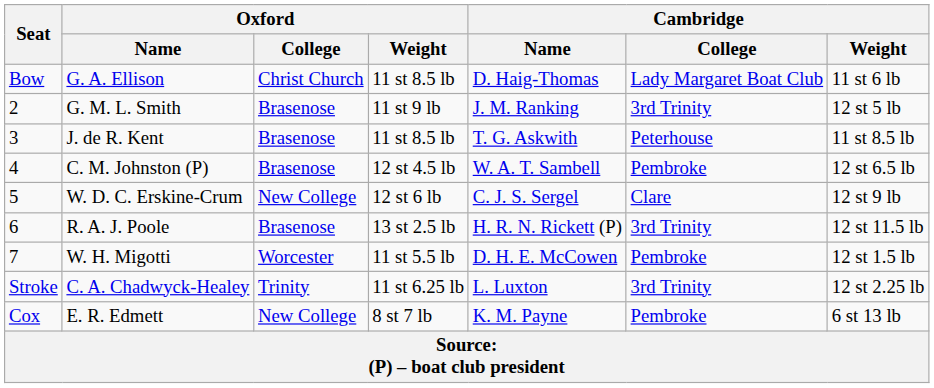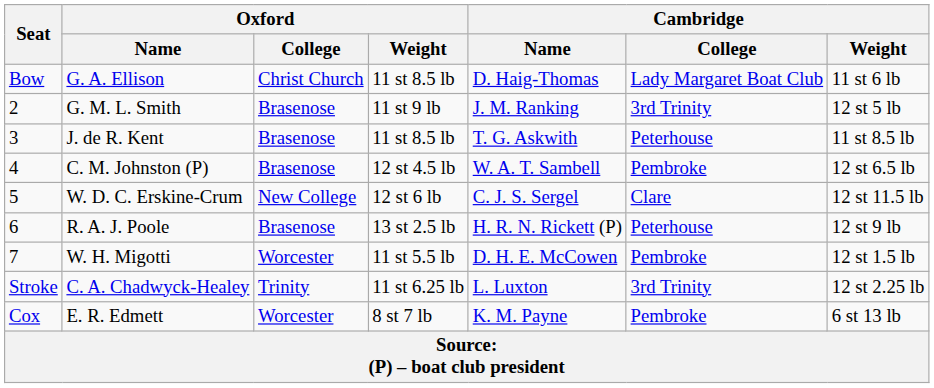 <table class="wikitable">
 <tr>
 <th rowspan="2" scope="col">Seat</th>
 <th colspan="3" scope="col">Oxford <br> </th>
 <th colspan="3" scope="col">Cambridge <br> </th>
 </tr>
 <tr>
 <th>Name</th>
 <th>College</th>
 <th>Weight</th>
 <th>Name</th>
 <th>College</th>
 <th>Weight</th>
 </tr>
 <tr>
 <td><a href='#'>Bow</a></td>
 <td><a href='#'>G. A. Ellison</a></td>
 <td><a href='#'>Christ Church</a></td>
 <td>11 st 8.5 lb</td>
 <td><a href='#'>D. Haig-Thomas</a></td>
 <td><a href='#'>Lady Margaret Boat Club</a></td>
 <td>11 st 6 lb</td>
 </tr>
 <tr>
 <td>2</td>
 <td>G. M. L. Smith</td>
 <td><a href='#'>Brasenose</a></td>
 <td>11 st 9 lb</td>
 <td><a href='#'>J. M. Ranking</a></td>
 <td><a href='#'>3rd Trinity</a></td>
 <td>12 st 5 lb</td>
 </tr>
 <tr>
 <td>3</td>
 <td>J. de R. Kent</td>
 <td><a href='#'>Brasenose</a></td>
 <td>11 st 8.5 lb</td>
 <td><a href='#'>T. G. Askwith</a></td>
 <td><a href='#'>Peterhouse</a></td>
 <td>11 st 8.5 lb</td>
 </tr>
 <tr>
 <td>4</td>
 <td>C. M. Johnston (P)</td>
 <td><a href='#'>Brasenose</a></td>
 <td>12 st 4.5 lb</td>
 <td><a href='#'>W. A. T. Sambell</a></td>
 <td><a href='#'>Pembroke</a></td>
 <td>12 st 6.5 lb</td>
 </tr>
 <tr>
 <td>5</td>
 <td>W. D. C. Erskine-Crum</td>
 <td><a href='#'>New College</a></td>
 <td>12 st 6 lb</td>
 <td><a href='#'>C. J. S. Sergel</a></td>
 <td><a href='#'>Clare</a></td>
-<td>12 st 9 lb</td>
+<td>12 st 11.5 lb</td>
 </tr>
 <tr>
 <td>6</td>
 <td>R. A. J. Poole</td>
 <td><a href='#'>Brasenose</a></td>
 <td>13 st 2.5 lb</td>
 <td><a href='#'>H. R. N. Rickett</a> (P)</td>
-<td><a href='#'>3rd Trinity</a></td>
-<td>12 st 11.5 lb</td>
+<td><a href='#'>Peterhouse</a></td>
+<td>12 st 9 lb</td>
 </tr>
 <tr>
 <td>7</td>
 <td>W. H. Migotti</td>
 <td><a href='#'>Worcester</a></td>
 <td>11 st 5.5 lb</td>
 <td><a href='#'>D. H. E. McCowen</a></td>
 <td><a href='#'>Pembroke</a></td>
 <td>12 st 1.5 lb</td>
 </tr>
 <tr>
 <td><a href='#'>Stroke</a></td>
 <td><a href='#'>C. A. Chadwyck-Healey</a></td>
 <td><a href='#'>Trinity</a></td>
 <td>11 st 6.25 lb</td>
 <td><a href='#'>L. Luxton</a></td>
 <td><a href='#'>3rd Trinity</a></td>
 <td>12 st 2.25 lb</td>
 </tr>
 <tr>
 <td><a href='#'>Cox</a></td>
 <td>E. R. Edmett</td>
-<td><a href='#'>New College</a></td>
+<td><a href='#'>Worcester</a></td>
 <td>8 st 7 lb</td>
 <td><a href='#'>K. M. Payne</a></td>
 <td><a href='#'>Pembroke</a></td>
 <td>6 st 13 lb</td>
 </tr>
 <tr>
 <th colspan="7">Source:<br>(P) – boat club president</th>
 </tr>
 </table>
